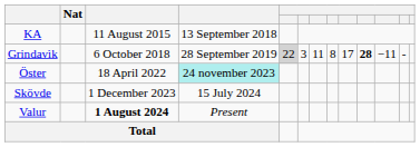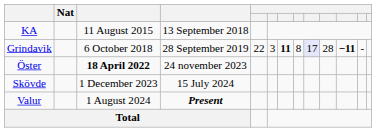 <table class="wikitable" style="text-align: center">
 <tr>
 <th rowspan="2"></th>
 <th rowspan="2"><strong>Nat</strong></th>
 <th rowspan="2"></th>
 <th rowspan="2"></th>
 <th colspan="9"></th>
 </tr>
 <tr>
 <th></th>
 <th></th>
 <th></th>
 <th></th>
 <th></th>
 <th></th>
 <th></th>
 <th></th>
 <th></th>
 </tr>
 <tr>
 <td><a href='#'>KA</a></td>
 <td></td>
 <td>11 August 2015</td>
 <td>13 September 2018<br></td>
 <td></td>
 </tr>
 <tr>
 <td><a href='#'>Grindavìk</a></td>
 <td></td>
 <td>6 October 2018</td>
 <td>28 September 2019</td>
-<td style="background: lightgrey;">22</td>
+<td>22</td>
 <td>3</td>
-<td>11</td>
+<td><strong>11</strong></td>
 <td>8</td>
-<td>17</td>
-<td><strong>28</strong></td>
-<td>−11</td>
+<td style="background: lavender;">17</td>
+<td>28</td>
+<td><strong>−11</strong></td>
 <td>-</td>
 <td></td>
 </tr>
 <tr>
 <td><a href='#'>Öster</a></td>
 <td></td>
-<td>18 April 2022</td>
-<td style="background: paleturquoise;">24 november 2023</td>
+<td><strong>18 April 2022</strong></td>
+<td>24 november 2023</td>
 <td></td>
 <td></td>
 <td></td>
 <td></td>
 <td></td>
 <td></td>
 <td></td>
 <td></td>
 </tr>
 <tr>
 <td><a href='#'>Skövde</a></td>
 <td></td>
 <td>1 December 2023</td>
 <td>15 July 2024</td>
 <td></td>
 <td></td>
 <td></td>
 <td></td>
 <td></td>
 <td></td>
 <td></td>
 <td></td>
 <td></td>
 </tr>
 <tr>
 <td><a href='#'>Valur</a></td>
 <td></td>
-<td><strong>1 August 2024</strong></td>
-<td><em>Present</em></td>
+<td>1 August 2024</td>
+<td><strong><em>Present</em></strong></td>
 <td></td>
 <td></td>
 <td></td>
 <td></td>
 <td></td>
 <td></td>
 <td></td>
 <td></td>
 <td></td>
 </tr>
 <tr>
 <th colspan="4">Total<br></th>
 <td></td>
 </tr>
 </table>
